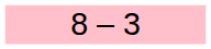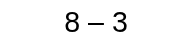 <table style="text-align:center">
 <tr>
 <th width=200></th>
 <th width=100></th>
 <th width=200></th>
 </tr>
 <tr>
 <td align=right><strong></strong></td>
-<td style="background: pink;">8 – 3</td>
+<td>8 – 3</td>
 <td align=left></td>
 </tr>
 </table>
